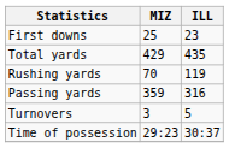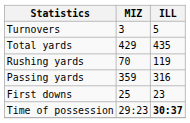 <table class="wikitable" style="float: left;">
 <tr>
 <th>Statistics</th>
 <th>MIZ</th>
 <th>ILL</th>
 </tr>
 <tr>
-<td>First downs</td>
-<td>25</td>
-<td>23</td>
+<td>Turnovers</td>
+<td>3</td>
+<td>5</td>
 </tr>
 <tr>
 <td>Total yards</td>
 <td>429</td>
 <td>435</td>
 </tr>
 <tr>
 <td>Rushing yards</td>
 <td>70</td>
 <td>119</td>
 </tr>
 <tr>
 <td>Passing yards</td>
 <td>359</td>
 <td>316</td>
 </tr>
 <tr>
-<td>Turnovers</td>
-<td>3</td>
-<td>5</td>
+<td>First downs</td>
+<td>25</td>
+<td>23</td>
 </tr>
 <tr>
 <td>Time of possession</td>
 <td>29:23</td>
-<td>30:37</td>
+<td><strong>30:37</strong></td>
 </tr>
 <tr>
 </tr>
 </table>
